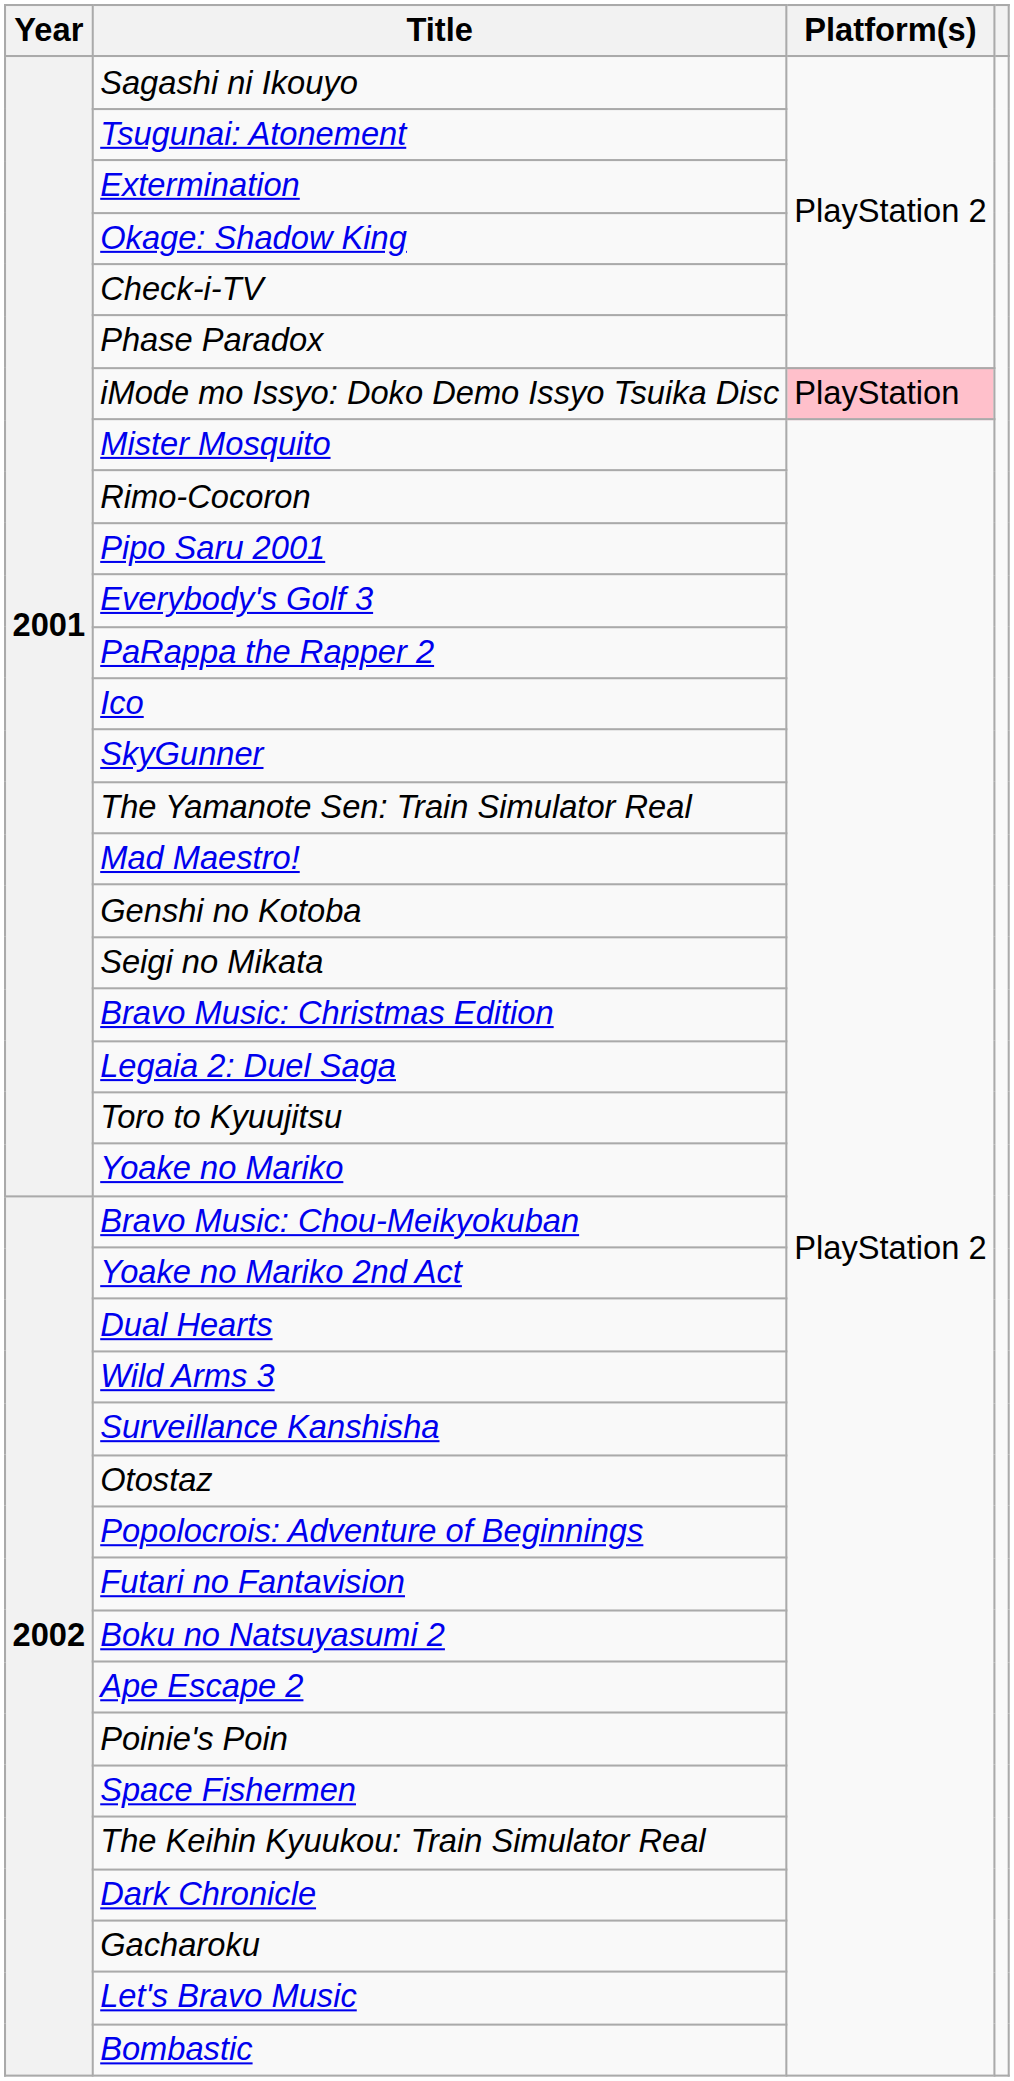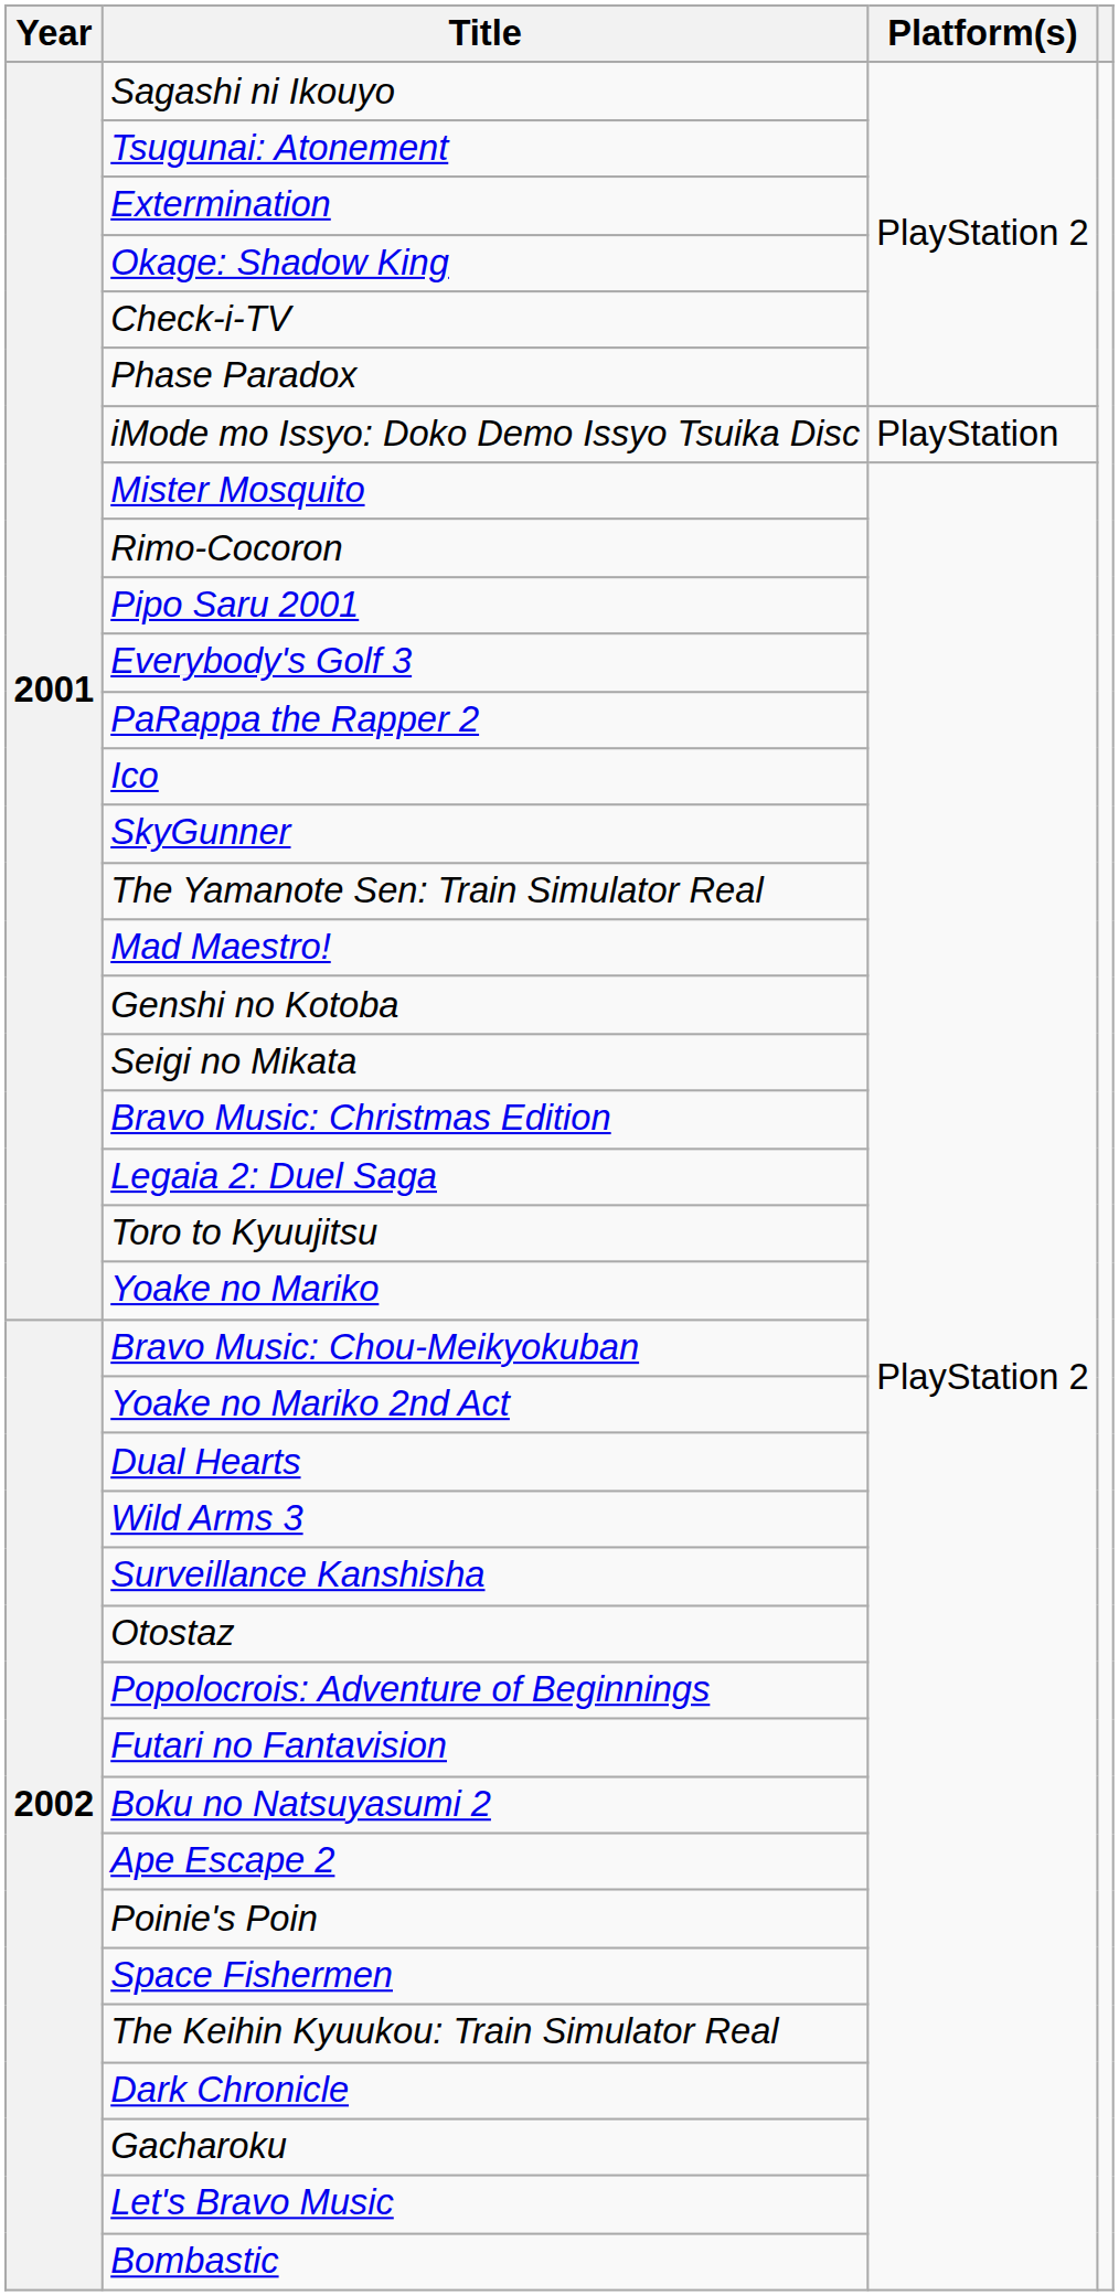 <table class="wikitable sortable plainrowheaders">
 <tr>
 <th scope="col">Year</th>
 <th scope="col">Title</th>
 <th scope="col">Platform(s)</th>
 <th scope="col"></th>
 </tr>
 <tr>
 <th rowspan="22" scope="row">2001</th>
 <td><em>Sagashi ni Ikouyo</em></td>
 <td rowspan="6">PlayStation 2</td>
 <td rowspan="39"></td>
 </tr>
 <tr>
 <td><em><a href='#'>Tsugunai: Atonement</a></em></td>
 </tr>
 <tr>
 <td><em><a href='#'>Extermination</a></em></td>
 </tr>
 <tr>
 <td><em><a href='#'>Okage: Shadow King</a></em></td>
 </tr>
 <tr>
 <td><em>Check-i-TV</em></td>
 </tr>
 <tr>
 <td><em>Phase Paradox</em></td>
 </tr>
 <tr>
 <td><em>iMode mo Issyo: Doko Demo Issyo Tsuika Disc</em></td>
-<td style="background: pink;">PlayStation</td>
+<td>PlayStation</td>
 </tr>
 <tr>
 <td><em><a href='#'>Mister Mosquito</a></em></td>
 <td rowspan="32">PlayStation 2</td>
 </tr>
 <tr>
 <td><em>Rimo-Cocoron</em></td>
 </tr>
 <tr>
 <td><em><a href='#'>Pipo Saru 2001</a></em></td>
 </tr>
 <tr>
 <td><em><a href='#'>Everybody's Golf 3</a></em></td>
 </tr>
 <tr>
 <td><em><a href='#'>PaRappa the Rapper 2</a></em></td>
 </tr>
 <tr>
 <td><em><a href='#'>Ico</a></em></td>
 </tr>
 <tr>
 <td><em><a href='#'>SkyGunner</a></em></td>
 </tr>
 <tr>
 <td><em>The Yamanote Sen: Train Simulator Real</em></td>
 </tr>
 <tr>
 <td><em><a href='#'>Mad Maestro!</a></em></td>
 </tr>
 <tr>
 <td><em>Genshi no Kotoba</em></td>
 </tr>
 <tr>
 <td><em>Seigi no Mikata</em></td>
 </tr>
 <tr>
 <td><em><a href='#'>Bravo Music: Christmas Edition</a></em></td>
 </tr>
 <tr>
 <td><em><a href='#'>Legaia 2: Duel Saga</a></em></td>
 </tr>
 <tr>
 <td><em>Toro to Kyuujitsu</em></td>
 </tr>
 <tr>
 <td><em><a href='#'>Yoake no Mariko</a></em></td>
 </tr>
 <tr>
 <th scope="row" rowspan="17">2002</th>
 <td><em><a href='#'>Bravo Music: Chou-Meikyokuban</a></em></td>
 </tr>
 <tr>
 <td><em><a href='#'>Yoake no Mariko 2nd Act</a></em></td>
 </tr>
 <tr>
 <td><em><a href='#'>Dual Hearts</a></em></td>
 </tr>
 <tr>
 <td><em><a href='#'>Wild Arms 3</a></em></td>
 </tr>
 <tr>
 <td><em><a href='#'>Surveillance Kanshisha</a></em></td>
 </tr>
 <tr>
 <td><em>Otostaz</em></td>
 </tr>
 <tr>
 <td><em><a href='#'>Popolocrois: Adventure of Beginnings</a></em></td>
 </tr>
 <tr>
 <td><em><a href='#'>Futari no Fantavision</a></em></td>
 </tr>
 <tr>
 <td><em><a href='#'>Boku no Natsuyasumi 2</a></em></td>
 </tr>
 <tr>
 <td><em><a href='#'>Ape Escape 2</a></em></td>
 </tr>
 <tr>
 <td><em>Poinie's Poin</em></td>
 </tr>
 <tr>
 <td><em><a href='#'>Space Fishermen</a></em></td>
 </tr>
 <tr>
 <td><em>The Keihin Kyuukou: Train Simulator Real</em></td>
 </tr>
 <tr>
 <td><em><a href='#'>Dark Chronicle</a></em></td>
 </tr>
 <tr>
 <td><em>Gacharoku</em></td>
 </tr>
 <tr>
 <td><em><a href='#'>Let's Bravo Music</a></em></td>
 </tr>
 <tr>
 <td><em><a href='#'>Bombastic</a></em></td>
 </tr>
 </table>
